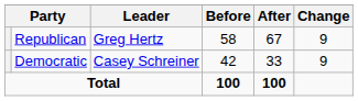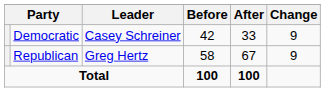 <table class="wikitable" style="text-align:center;">
 <tr>
 </tr>
 <tr>
 <th colspan=2>Party</th>
 <th>Leader</th>
 <th>Before</th>
 <th>After</th>
 <th>Change</th>
 </tr>
 <tr>
 <th style="background-color:"></th>
+<td style="text-align:left;"><a href='#'>Democratic</a></td>
+<td style="text-align:left;"><a href='#'>Casey Schreiner</a></td>
+<td>42</td>
+<td>33</td>
+<td> 9</td>
+</tr>
+<tr>
+<th style="background-color:"></th>
 <td style="text-align:left;"><a href='#'>Republican</a></td>
 <td style="text-align:left;"><a href='#'>Greg Hertz</a></td>
 <td>58</td>
 <td>67</td>
-<td> 9</td>
-</tr>
-<tr>
-<th style="background-color:"></th>
-<td style="text-align:left;"><a href='#'>Democratic</a></td>
-<td style="text-align:left;"><a href='#'>Casey Schreiner</a></td>
-<td>42</td>
-<td>33</td>
 <td> 9</td>
 </tr>
 <tr>
 <td colspan=3><strong>Total</strong></td>
 <td><strong>100</strong></td>
 <td><strong>100</strong></td>
 <td></td>
 </tr>
 </table>
